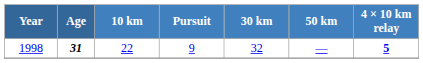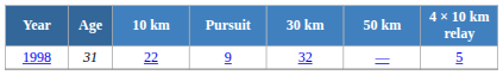 <table class="wikitable" style="font-size:95%; text-align:center; border:grey solid 1px; border-collapse:collapse; background:#ffffff;">
 <tr>
 <th style="background-color:#369; color:white; width:60px;"> Year </th>
 <th style="background-color:#369; color:white; width:40px;"> Age </th>
 <th style="background-color:#4180be; color:white; width:75px;"> 10 km </th>
 <th style="background-color:#4180be; color:white; width:75px;"> Pursuit </th>
 <th style="background-color:#4180be; color:white; width:75px;"> 30 km </th>
 <th style="background-color:#4180be; color:white; width:75px;"> 50 km </th>
 <th style="background-color:#4180be; color:white; width:75px;"> 4 × 10 km <br> relay </th>
 </tr>
 <tr>
 <td><a href='#'>1998</a></td>
-<td><strong><em>31</em></strong></td>
+<td><em>31</em></td>
 <td><a href='#'>22</a></td>
 <td><a href='#'>9</a></td>
 <td><a href='#'>32</a></td>
 <td><a href='#'>—</a></td>
-<td><strong><a href='#'>5</a></strong></td>
+<td><a href='#'>5</a></td>
 </tr>
 <tr>
 </tr>
 </table>
